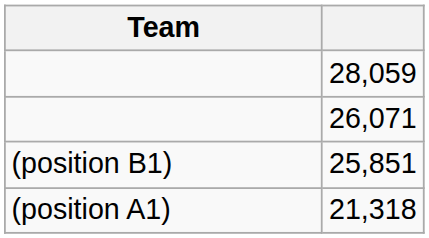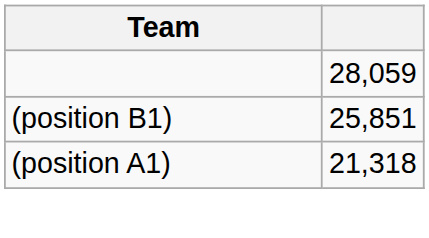 <table class="wikitable" style="display:inline-table;">
 <tr>
 <th width=170>Team</th>
 <th></th>
 </tr>
 <tr>
 <td></td>
 <td align=right>28,059</td>
 </tr>
 <tr>
-<td></td>
-<td align=right>26,071</td>
-</tr>
-<tr>
 <td> (position B1)</td>
 <td align=right>25,851</td>
 </tr>
 <tr>
 <td> (position A1)</td>
 <td align=right>21,318</td>
 </tr>
 </table>
